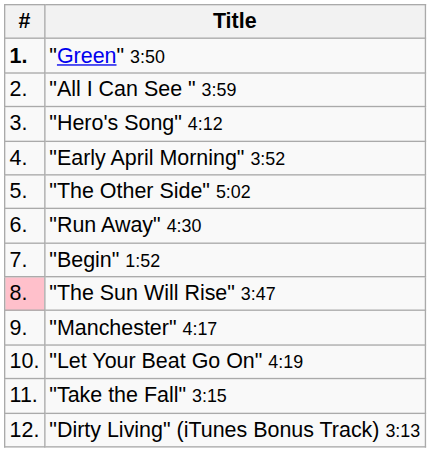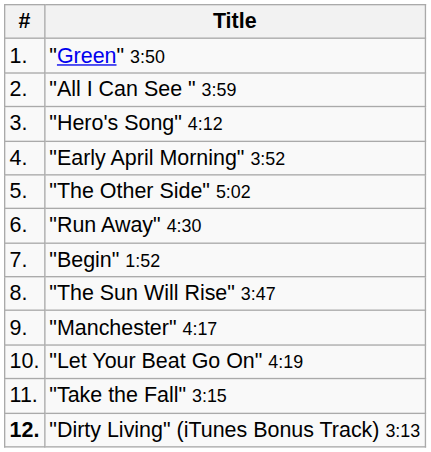 <table class="wikitable">
 <tr>
 <th>#</th>
 <th>Title</th>
 </tr>
 <tr>
-<td><strong>1.</strong></td>
+<td>1.</td>
 <td>"<a href='#'>Green</a>" <small>3:50</small></td>
 </tr>
 <tr>
 <td>2.</td>
 <td>"All I Can See " <small>3:59</small></td>
 </tr>
 <tr>
 <td>3.</td>
 <td>"Hero's Song" <small>4:12</small></td>
 </tr>
 <tr>
 <td>4.</td>
 <td>"Early April Morning" <small>3:52</small></td>
 </tr>
 <tr>
 <td>5.</td>
 <td>"The Other Side" <small>5:02</small></td>
 </tr>
 <tr>
 <td>6.</td>
 <td>"Run Away" <small>4:30</small></td>
 </tr>
 <tr>
 <td>7.</td>
 <td>"Begin" <small>1:52</small></td>
 </tr>
 <tr>
-<td style="background: pink;">8.</td>
+<td>8.</td>
 <td>"The Sun Will Rise" <small>3:47</small></td>
 </tr>
 <tr>
 <td>9.</td>
 <td>"Manchester" <small>4:17</small></td>
 </tr>
 <tr>
 <td>10.</td>
 <td>"Let Your Beat Go On" <small>4:19</small></td>
 </tr>
 <tr>
 <td>11.</td>
 <td>"Take the Fall" <small>3:15</small></td>
 </tr>
 <tr>
-<td>12.</td>
+<td><strong>12.</strong></td>
 <td>"Dirty Living" (iTunes Bonus Track) <small>3:13</small></td>
 </tr>
 </table>
